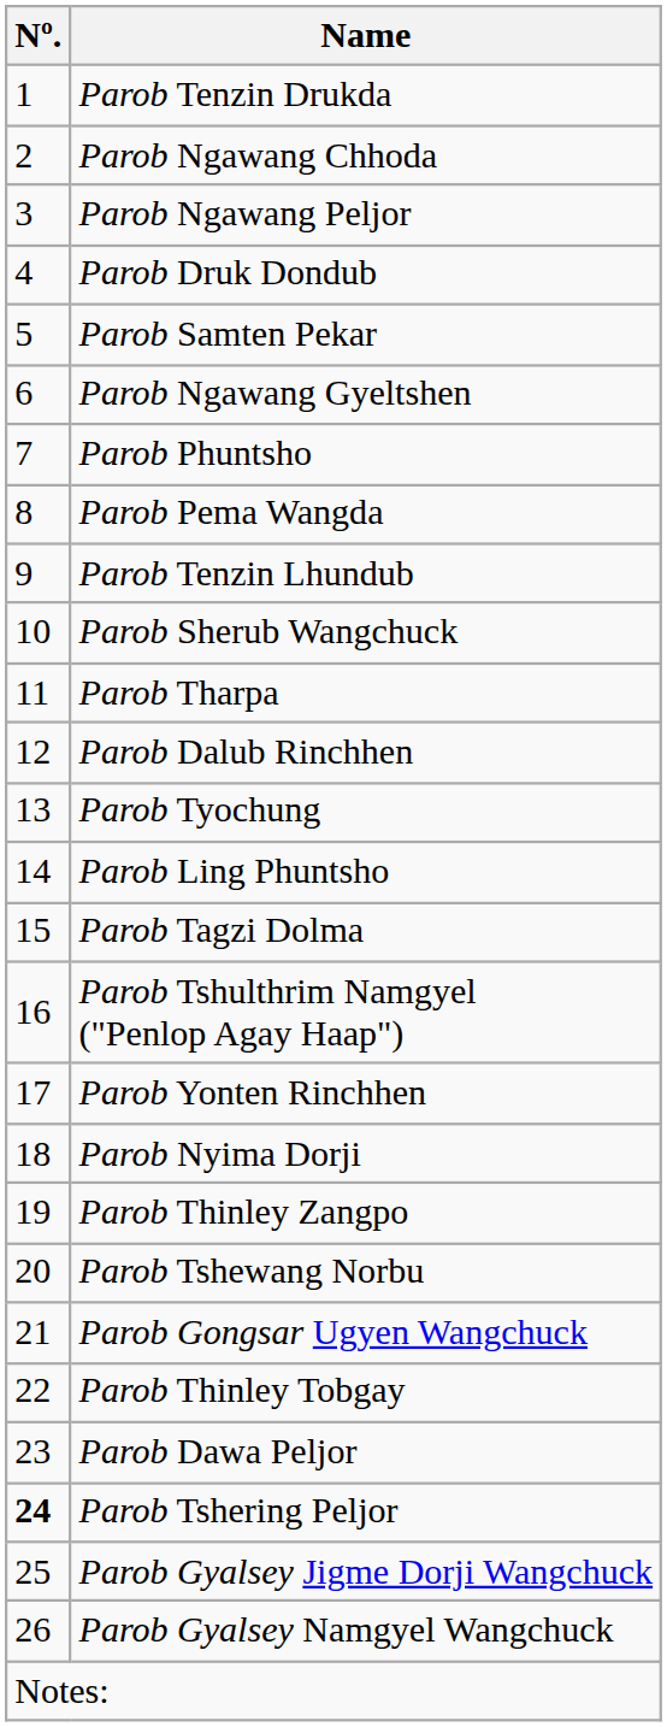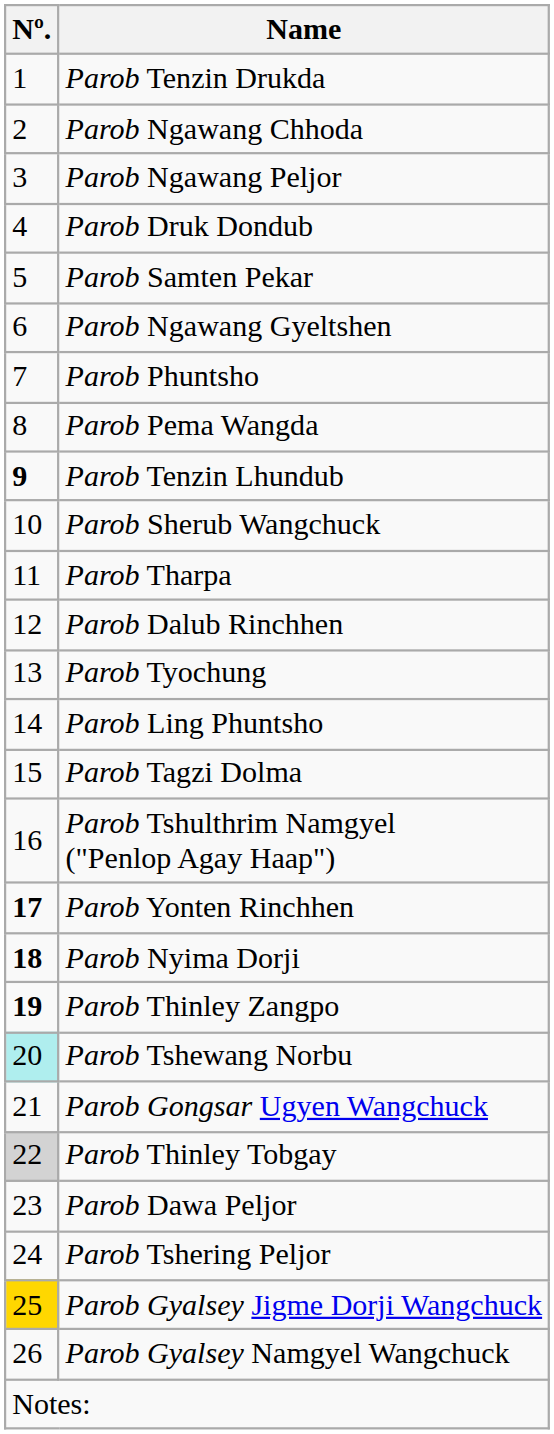 <table class=wikitable style="font-size: 85%;">
 <tr>
 <th>Nº.</th>
 <th>Name</th>
 </tr>
 <tr>
 <td>1</td>
 <td><em>Parob</em> Tenzin Drukda</td>
 </tr>
 <tr>
 <td>2</td>
 <td><em>Parob</em> Ngawang Chhoda</td>
 </tr>
 <tr>
 <td>3</td>
 <td><em>Parob</em> Ngawang Peljor</td>
 </tr>
 <tr>
 <td>4</td>
 <td><em>Parob</em> Druk Dondub</td>
 </tr>
 <tr>
 <td>5</td>
 <td><em>Parob</em> Samten Pekar</td>
 </tr>
 <tr>
 <td>6</td>
 <td><em>Parob</em> Ngawang Gyeltshen</td>
 </tr>
 <tr>
 <td>7</td>
 <td><em>Parob</em> Phuntsho</td>
 </tr>
 <tr>
 <td>8</td>
 <td><em>Parob</em> Pema Wangda</td>
 </tr>
 <tr>
-<td>9</td>
+<td><strong>9</strong></td>
 <td><em>Parob</em> Tenzin Lhundub</td>
 </tr>
 <tr>
 <td>10</td>
 <td><em>Parob</em> Sherub Wangchuck</td>
 </tr>
 <tr>
 <td>11</td>
 <td><em>Parob</em> Tharpa</td>
 </tr>
 <tr>
 <td>12</td>
 <td><em>Parob</em> Dalub Rinchhen</td>
 </tr>
 <tr>
 <td>13</td>
 <td><em>Parob</em> Tyochung</td>
 </tr>
 <tr>
 <td>14</td>
 <td><em>Parob</em> Ling Phuntsho</td>
 </tr>
 <tr>
 <td>15</td>
 <td><em>Parob</em> Tagzi Dolma</td>
 </tr>
 <tr>
 <td>16</td>
 <td><em>Parob</em> Tshulthrim Namgyel<br>("Penlop Agay Haap")</td>
 </tr>
 <tr>
-<td>17</td>
+<td><strong>17</strong></td>
 <td><em>Parob</em> Yonten Rinchhen</td>
 </tr>
 <tr>
-<td>18</td>
+<td><strong>18</strong></td>
 <td><em>Parob</em> Nyima Dorji</td>
 </tr>
 <tr>
-<td>19</td>
+<td><strong>19</strong></td>
 <td><em>Parob</em> Thinley Zangpo</td>
 </tr>
 <tr>
-<td>20</td>
+<td style="background: paleturquoise;">20</td>
 <td><em>Parob</em> Tshewang Norbu</td>
 </tr>
 <tr>
 <td>21</td>
 <td><em>Parob</em> <em>Gongsar</em> <a href='#'>Ugyen Wangchuck</a></td>
 </tr>
 <tr>
-<td>22</td>
+<td style="background: lightgrey;">22</td>
 <td><em>Parob</em> Thinley Tobgay</td>
 </tr>
 <tr>
 <td>23</td>
 <td><em>Parob</em> Dawa Peljor </td>
 </tr>
 <tr>
-<td><strong>24</strong></td>
+<td>24</td>
 <td><em>Parob</em> Tshering Peljor</td>
 </tr>
 <tr>
-<td>25</td>
+<td style="background: gold;">25</td>
 <td><em>Parob Gyalsey</em> <a href='#'>Jigme Dorji Wangchuck</a></td>
 </tr>
 <tr>
 <td>26</td>
 <td><em>Parob Gyalsey</em> Namgyel Wangchuck</td>
 </tr>
 <tr>
 <td colspan=2>Notes:<br></td>
 </tr>
 </table>
